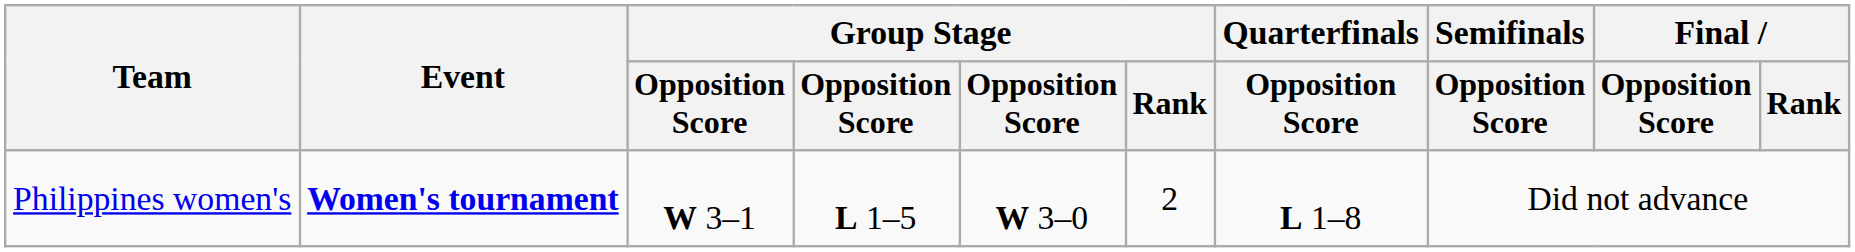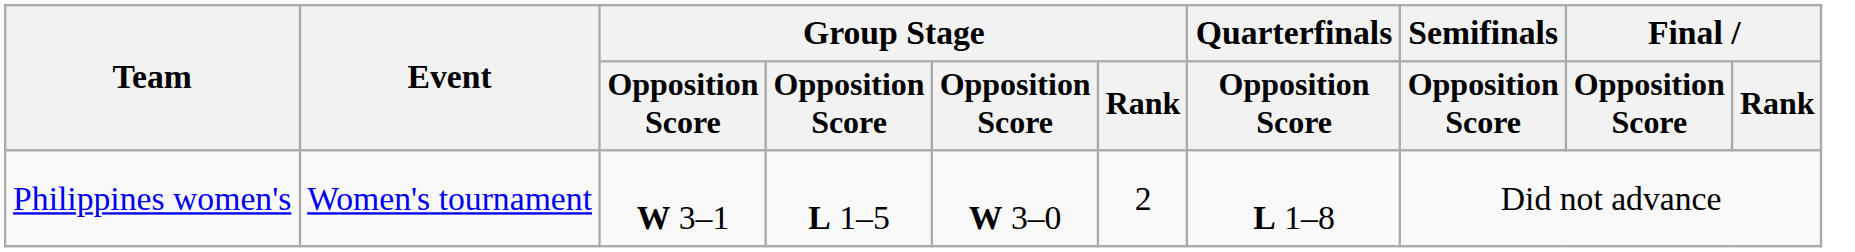 <table class=wikitable style=font-size:90%;text-align:center>
 <tr>
 <th rowspan=2>Team</th>
 <th rowspan=2>Event</th>
 <th colspan=4>Group Stage</th>
 <th>Quarterfinals</th>
 <th>Semifinals</th>
 <th colspan=2>Final / </th>
 </tr>
 <tr style=font-size:95%>
 <th>Opposition<br>Score</th>
 <th>Opposition<br>Score</th>
 <th>Opposition<br>Score</th>
 <th>Rank</th>
 <th>Opposition<br>Score</th>
 <th>Opposition<br>Score</th>
 <th>Opposition<br>Score</th>
 <th>Rank</th>
 </tr>
 <tr>
 <td align=left><a href='#'>Philippines women's</a></td>
-<td align=left><strong><a href='#'>Women's tournament</a></strong></td>
+<td align=left><a href='#'>Women's tournament</a></td>
 <td><br><strong>W</strong> 3–1</td>
 <td><br><strong>L</strong> 1–5</td>
 <td><br><strong>W</strong> 3–0</td>
 <td>2 <strong></strong></td>
 <td><br><strong>L</strong> 1–8</td>
 <td colspan=3>Did not advance</td>
 </tr>
 </table>
